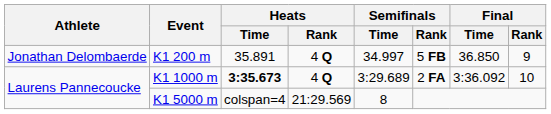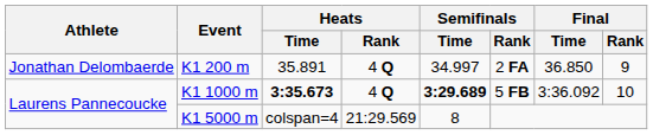 <table class="wikitable" style="font-size:90%">
 <tr>
 <th rowspan=2>Athlete</th>
 <th rowspan=2>Event</th>
 <th colspan=2>Heats</th>
 <th colspan=2>Semifinals</th>
 <th colspan=2>Final</th>
 </tr>
 <tr style="font-size:95%">
 <th>Time</th>
 <th>Rank</th>
 <th>Time</th>
 <th>Rank</th>
 <th>Time</th>
 <th>Rank</th>
 </tr>
 <tr align=center>
 <td align=left><a href='#'>Jonathan Delombaerde</a></td>
 <td align=left><a href='#'>K1 200 m</a></td>
 <td>35.891</td>
 <td>4 <strong>Q</strong></td>
 <td>34.997</td>
-<td>5 <strong>FB</strong></td>
+<td>2 <strong>FA</strong></td>
 <td>36.850</td>
 <td>9</td>
 </tr>
 <tr align=center>
 <td align=left rowspan=2><a href='#'>Laurens Pannecoucke</a></td>
 <td align=left><a href='#'>K1 1000 m</a></td>
 <td><strong>3:35.673</strong></td>
 <td>4 <strong>Q</strong></td>
-<td>3:29.689</td>
-<td>2 <strong>FA</strong></td>
+<td><strong>3:29.689</strong></td>
+<td>5 <strong>FB</strong></td>
 <td>3:36.092</td>
 <td>10</td>
 </tr>
 <tr align=center>
 <td align=left><a href='#'>K1 5000 m</a></td>
 <td>colspan=4 </td>
 <td>21:29.569</td>
 <td>8</td>
 </tr>
 </table>
